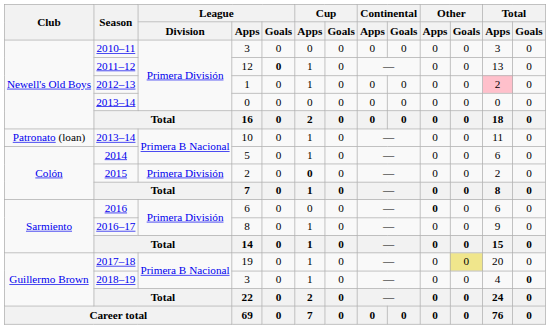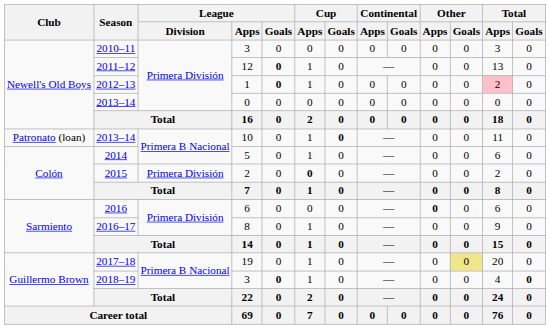 <table class="wikitable" style="text-align:center">
 <tr>
 <th rowspan="2">Club</th>
 <th rowspan="2">Season</th>
 <th colspan="3">League</th>
 <th colspan="2">Cup</th>
 <th colspan="2">Continental</th>
 <th colspan="2">Other</th>
 <th colspan="2">Total</th>
 </tr>
 <tr>
 <th>Division</th>
 <th>Apps</th>
 <th>Goals</th>
 <th>Apps</th>
 <th>Goals</th>
 <th>Apps</th>
 <th>Goals</th>
 <th>Apps</th>
 <th>Goals</th>
 <th>Apps</th>
 <th>Goals</th>
 </tr>
 <tr>
 <td rowspan="5"><a href='#'>Newell's Old Boys</a></td>
 <td><a href='#'>2010–11</a></td>
 <td rowspan="4"><a href='#'>Primera División</a></td>
 <td>3</td>
 <td>0</td>
 <td>0</td>
 <td>0</td>
 <td>0</td>
 <td>0</td>
 <td>0</td>
 <td>0</td>
 <td>3</td>
 <td>0</td>
 </tr>
 <tr>
 <td><a href='#'>2011–12</a></td>
 <td>12</td>
 <td><strong>0</strong></td>
 <td>1</td>
 <td>0</td>
 <td colspan="2">—</td>
 <td>0</td>
 <td>0</td>
 <td>13</td>
 <td>0</td>
 </tr>
 <tr>
 <td><a href='#'>2012–13</a></td>
 <td>1</td>
-<td>0</td>
+<td><strong>0</strong></td>
 <td>1</td>
 <td>0</td>
 <td>0</td>
 <td>0</td>
 <td>0</td>
 <td>0</td>
 <td style="background: pink;">2</td>
 <td>0</td>
 </tr>
 <tr>
 <td><a href='#'>2013–14</a></td>
 <td>0</td>
 <td>0</td>
 <td>0</td>
 <td>0</td>
 <td>0</td>
 <td>0</td>
 <td>0</td>
 <td>0</td>
 <td>0</td>
 <td>0</td>
 </tr>
 <tr>
 <th colspan="2">Total</th>
 <th>16</th>
 <th>0</th>
 <th>2</th>
 <th>0</th>
 <th>0</th>
 <th>0</th>
 <th>0</th>
 <th>0</th>
 <th>18</th>
 <th>0</th>
 </tr>
 <tr>
 <td rowspan="1"><a href='#'>Patronato</a> (loan)</td>
 <td><a href='#'>2013–14</a></td>
 <td rowspan="2"><a href='#'>Primera B Nacional</a></td>
 <td>10</td>
 <td>0</td>
 <td>1</td>
-<td>0</td>
+<td><strong>0</strong></td>
 <td colspan="2">—</td>
 <td>0</td>
 <td>0</td>
 <td>11</td>
 <td>0</td>
 </tr>
 <tr>
 <td rowspan="3"><a href='#'>Colón</a></td>
 <td><a href='#'>2014</a></td>
 <td>5</td>
 <td>0</td>
 <td>1</td>
 <td>0</td>
 <td colspan="2">—</td>
 <td>0</td>
 <td>0</td>
 <td>6</td>
 <td>0</td>
 </tr>
 <tr>
 <td><a href='#'>2015</a></td>
 <td rowspan="1"><a href='#'>Primera División</a></td>
 <td>2</td>
 <td>0</td>
 <td><strong>0</strong></td>
 <td>0</td>
 <td colspan="2">—</td>
 <td>0</td>
 <td>0</td>
 <td>2</td>
 <td>0</td>
 </tr>
 <tr>
 <th colspan="2">Total</th>
 <th>7</th>
 <th>0</th>
 <th>1</th>
 <th>0</th>
 <th colspan="2">—</th>
 <th>0</th>
 <th>0</th>
 <th>8</th>
 <th>0</th>
 </tr>
 <tr>
 <td rowspan="3"><a href='#'>Sarmiento</a></td>
 <td><a href='#'>2016</a></td>
 <td rowspan="2"><a href='#'>Primera División</a></td>
 <td>6</td>
 <td>0</td>
 <td>0</td>
 <td>0</td>
 <td colspan="2">—</td>
 <td><strong>0</strong></td>
 <td>0</td>
 <td>6</td>
 <td>0</td>
 </tr>
 <tr>
 <td><a href='#'>2016–17</a></td>
 <td>8</td>
 <td>0</td>
 <td>1</td>
 <td>0</td>
 <td colspan="2">—</td>
 <td>0</td>
 <td>0</td>
 <td>9</td>
 <td>0</td>
 </tr>
 <tr>
 <th colspan="2">Total</th>
 <th>14</th>
 <th>0</th>
 <th>1</th>
 <th>0</th>
 <th colspan="2">—</th>
 <th>0</th>
 <th>0</th>
 <th>15</th>
 <th>0</th>
 </tr>
 <tr>
 <td rowspan="3"><a href='#'>Guillermo Brown</a></td>
 <td><a href='#'>2017–18</a></td>
 <td rowspan="2"><a href='#'>Primera B Nacional</a></td>
 <td>19</td>
 <td>0</td>
 <td>1</td>
 <td>0</td>
 <td colspan="2">—</td>
 <td>0</td>
 <td style="background: khaki;">0</td>
 <td>20</td>
 <td>0</td>
 </tr>
 <tr>
 <td><a href='#'>2018–19</a></td>
 <td>3</td>
-<td>0</td>
+<td><strong>0</strong></td>
 <td>1</td>
 <td>0</td>
 <td colspan="2">—</td>
 <td>0</td>
 <td>0</td>
 <td>4</td>
 <td><strong>0</strong></td>
 </tr>
 <tr>
 <th colspan="2">Total</th>
 <th>22</th>
 <th>0</th>
 <th>2</th>
 <th>0</th>
 <th colspan="2">—</th>
 <th>0</th>
 <th>0</th>
 <th>24</th>
 <th>0</th>
 </tr>
 <tr>
 <th colspan="3">Career total</th>
 <th>69</th>
 <th>0</th>
 <th>7</th>
 <th>0</th>
 <th>0</th>
 <th>0</th>
 <th>0</th>
 <th>0</th>
 <th>76</th>
 <th>0</th>
 </tr>
 </table>
